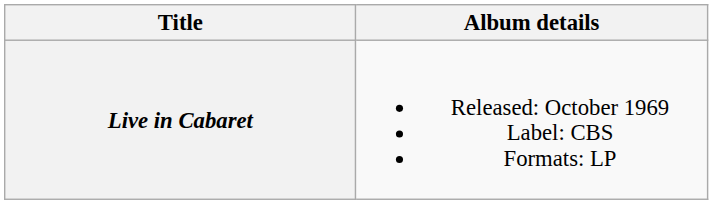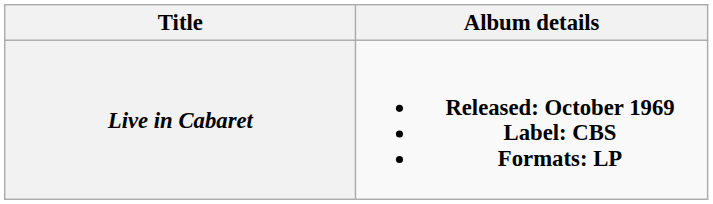 <table class="wikitable plainrowheaders" style="text-align:center;">
 <tr>
 <th scope="col" style="width:15em;">Title</th>
 <th scope="col" style="width:15em;">Album details</th>
 </tr>
 <tr>
 <th scope="row"><em>Live in Cabaret</em></th>
-<td><br><ul><li>Released: October 1969</li><li>Label: CBS</li><li>Formats: LP</li></ul></td>
+<td><strong><br><ul><li>Released: October 1969</li><li>Label: CBS</li><li>Formats: LP</li></ul></strong></td>
 </tr>
 </table>
